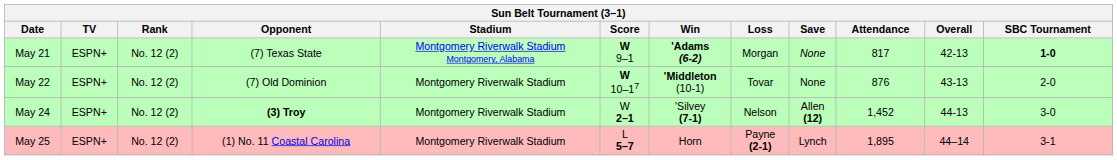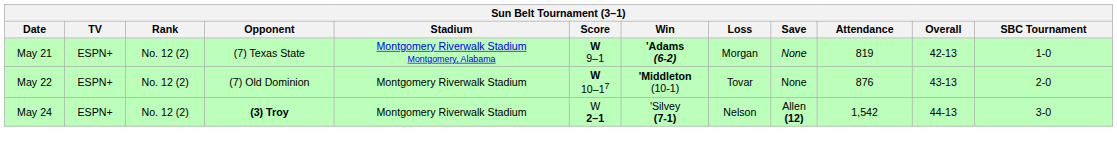 <table class="wikitable collapsible" style="margin:auto; width:100%; text-align:center; font-size:95%">
 <tr>
 <th colspan=12>Sun Belt Tournament (3–1)</th>
 </tr>
 <tr>
 <th>Date</th>
 <th>TV</th>
 <th>Rank</th>
 <th>Opponent</th>
 <th>Stadium</th>
 <th>Score</th>
 <th>Win</th>
 <th>Loss</th>
 <th>Save</th>
 <th>Attendance</th>
 <th>Overall</th>
 <th>SBC Tournament</th>
 </tr>
 <tr style="background:#bfb">
 <td>May 21</td>
 <td>ESPN+</td>
 <td>No. 12 (2)</td>
 <td>(7) Texas State</td>
 <td><a href='#'>Montgomery Riverwalk Stadium</a><br><small><a href='#'>Montgomery, Alabama</a></small></td>
 <td><strong>W</strong> <br>9–1</td>
 <td><strong>'Adams<em><br>(6-2)</td>
 <td>Morgan</td>
 <td><em>None</em></td>
-<td>817</td>
+<td>819</td>
 <td>42-13</td>
-<td><strong>1-0</strong></td>
+<td>1-0</td>
 </tr>
 <tr style="background:#bfb">
 <td>May 22</td>
 <td>ESPN+</td>
 <td>No. 12 (2)</td>
 <td>(7) Old Dominion</td>
 <td>Montgomery Riverwalk Stadium</td>
 <td><strong>W</strong> <br>10–1<sup>7</sup></td>
 <td><strong>'Middleton</strong><br>(10-1)</td>
 <td>Tovar</td>
 <td></em>None<em></td>
 <td>876</td>
 <td>43-13</td>
 <td>2-0</td>
 </tr>
 <tr style="background:#bfb">
 <td>May 24</td>
 <td>ESPN+</td>
 <td>No. 12 (2)</td>
 <td><strong>(3) Troy</strong></td>
 <td>Montgomery Riverwalk Stadium</td>
 <td></strong>W<strong> <br>2–1</td>
 <td></strong>'Silvey<strong><br>(7-1)</td>
 <td>Nelson</td>
 <td></strong>Allen<strong><br>(12)</td>
-<td>1,452</td>
+<td>1,542</td>
 <td>44-13</td>
 <td>3-0</td>
 </tr>
-<tr style="background:#fbb">
-<td>May 25</td>
-<td>ESPN+</td>
-<td>No. 12 (2)</td>
-<td>(1) No. 11 <a href='#'>Coastal Carolina</a></td>
-<td>Montgomery Riverwalk Stadium</td>
-<td></strong>L<strong> <br>5–7</td>
-<td>Horn</td>
-<td></strong>Payne<strong> <br>(2-1)</td>
-<td>Lynch</td>
-<td>1,895</td>
-<td>44–14</td>
-<td>3-1</td>
-</tr>
 </table>
